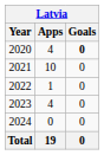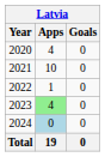 <table class="wikitable" style="text-align:center">
 <tr>
 <th colspan=3><a href='#'>Latvia</a></th>
 </tr>
 <tr>
 <th>Year</th>
 <th>Apps</th>
 <th>Goals</th>
 </tr>
 <tr>
 <td>2020</td>
 <td>4</td>
-<td><strong>0</strong></td>
+<td>0</td>
 </tr>
 <tr>
 <td>2021</td>
 <td>10</td>
 <td>0</td>
 </tr>
 <tr>
 <td>2022</td>
 <td>1</td>
 <td>0</td>
 </tr>
 <tr>
 <td>2023</td>
-<td>4</td>
+<td style="background: lightgreen;">4</td>
 <td>0</td>
 </tr>
 <tr>
 <td>2024</td>
-<td>0</td>
+<td style="background: lightblue;">0</td>
 <td>0</td>
 </tr>
 <tr>
 <th>Total</th>
 <th>19</th>
 <th>0</th>
 </tr>
 </table>
